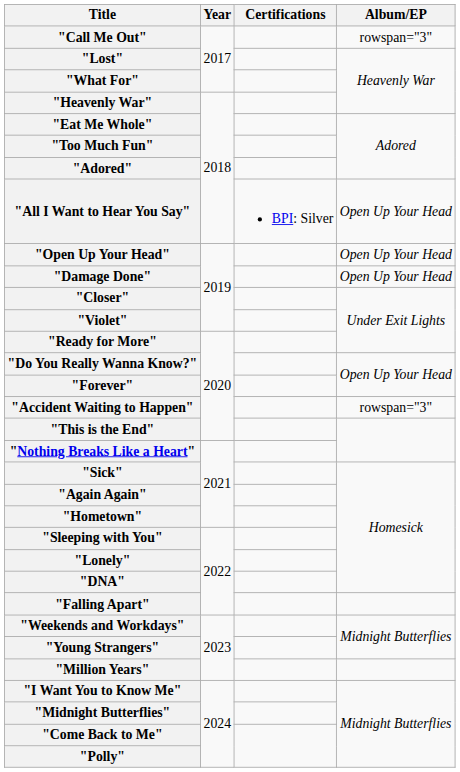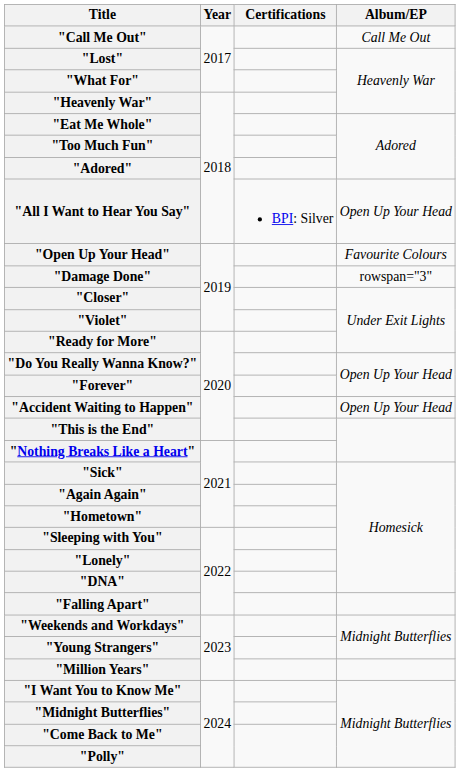 <table class="wikitable plainrowheaders" style="text-align:center;">
 <tr>
 <th scope="col">Title</th>
 <th scope="col">Year</th>
 <th scope="col">Certifications</th>
 <th scope="col">Album/EP</th>
 </tr>
 <tr>
 <th scope="row">"Call Me Out"</th>
 <td rowspan="3">2017</td>
 <td></td>
-<td>rowspan="3" </td>
+<td><em>Call Me Out</em></td>
 </tr>
 <tr>
 <th scope="row">"Lost"</th>
 <td></td>
 <td rowspan="3"><em>Heavenly War</em></td>
 </tr>
 <tr>
 <th scope="row">"What For"</th>
 <td></td>
 </tr>
 <tr>
 <th scope="row">"Heavenly War"</th>
 <td rowspan="5">2018</td>
 <td></td>
 </tr>
 <tr>
 <th scope="row">"Eat Me Whole"</th>
 <td></td>
 <td rowspan="3"><em>Adored</em></td>
 </tr>
 <tr>
 <th scope="row">"Too Much Fun"</th>
 <td></td>
 </tr>
 <tr>
 <th scope="row">"Adored"</th>
 <td></td>
 </tr>
 <tr>
 <th scope="row">"All I Want to Hear You Say"</th>
 <td><br><ul><li><a href='#'>BPI</a>: Silver</li></ul></td>
 <td><em>Open Up Your Head</em></td>
 </tr>
 <tr>
 <th scope="row">"Open Up Your Head"</th>
 <td rowspan="4">2019</td>
 <td></td>
-<td><em>Open Up Your Head</em></td>
+<td><em>Favourite Colours</em></td>
 </tr>
 <tr>
 <th scope="row">"Damage Done"</th>
 <td></td>
-<td><em>Open Up Your Head</em></td>
+<td>rowspan="3" </td>
 </tr>
 <tr>
 <th scope="row">"Closer"</th>
 <td></td>
 <td rowspan="3"><em>Under Exit Lights</em></td>
 </tr>
 <tr>
 <th scope="row">"Violet"</th>
 <td></td>
 </tr>
 <tr>
 <th scope="row">"Ready for More"</th>
 <td rowspan="5">2020</td>
 <td></td>
 </tr>
 <tr>
 <th scope="row">"Do You Really Wanna Know?"</th>
 <td></td>
 <td rowspan="2"><em>Open Up Your Head</em></td>
 </tr>
 <tr>
 <th scope="row">"Forever"</th>
 <td></td>
 </tr>
 <tr>
 <th scope="row">"Accident Waiting to Happen"</th>
 <td></td>
-<td>rowspan="3" </td>
+<td><em>Open Up Your Head</em></td>
 </tr>
 <tr>
 <th scope="row">"This is the End"</th>
 <td></td>
 </tr>
 <tr>
 <th scope="row">"<a href='#'>Nothing Breaks Like a Heart</a>"</th>
 <td rowspan="4">2021</td>
 <td></td>
 </tr>
 <tr>
 <th scope="row">"Sick"</th>
 <td></td>
 <td rowspan="6"><em>Homesick</em></td>
 </tr>
 <tr>
 <th scope="row">"Again Again"</th>
 <td></td>
 </tr>
 <tr>
 <th scope="row">"Hometown"</th>
 <td></td>
 </tr>
 <tr>
 <th scope="row">"Sleeping with You"</th>
 <td rowspan="4">2022</td>
 <td></td>
 </tr>
 <tr>
 <th scope="row">"Lonely"</th>
 <td></td>
 </tr>
 <tr>
 <th scope="row">"DNA"</th>
 <td></td>
 </tr>
 <tr>
 <th scope="row">"Falling Apart"</th>
 <td></td>
 <td></td>
 </tr>
 <tr>
 <th scope="row">"Weekends and Workdays"</th>
 <td rowspan="3">2023</td>
 <td></td>
 <td rowspan="2"><em>Midnight Butterflies</em></td>
 </tr>
 <tr>
 <th scope="row">"Young Strangers"</th>
 <td></td>
 </tr>
 <tr>
 <th scope="row">"Million Years"</th>
 <td></td>
 <td></td>
 </tr>
 <tr>
 <th scope="row">"I Want You to Know Me"</th>
 <td rowspan="4">2024</td>
 <td></td>
 <td rowspan="4"><em>Midnight Butterflies</em></td>
 </tr>
 <tr>
 <th scope="row">"Midnight Butterflies"</th>
 <td></td>
 </tr>
 <tr>
 <th scope="row">"Come Back to Me"</th>
 </tr>
 <tr>
 <th scope="row">"Polly"</th>
 </tr>
 </table>
